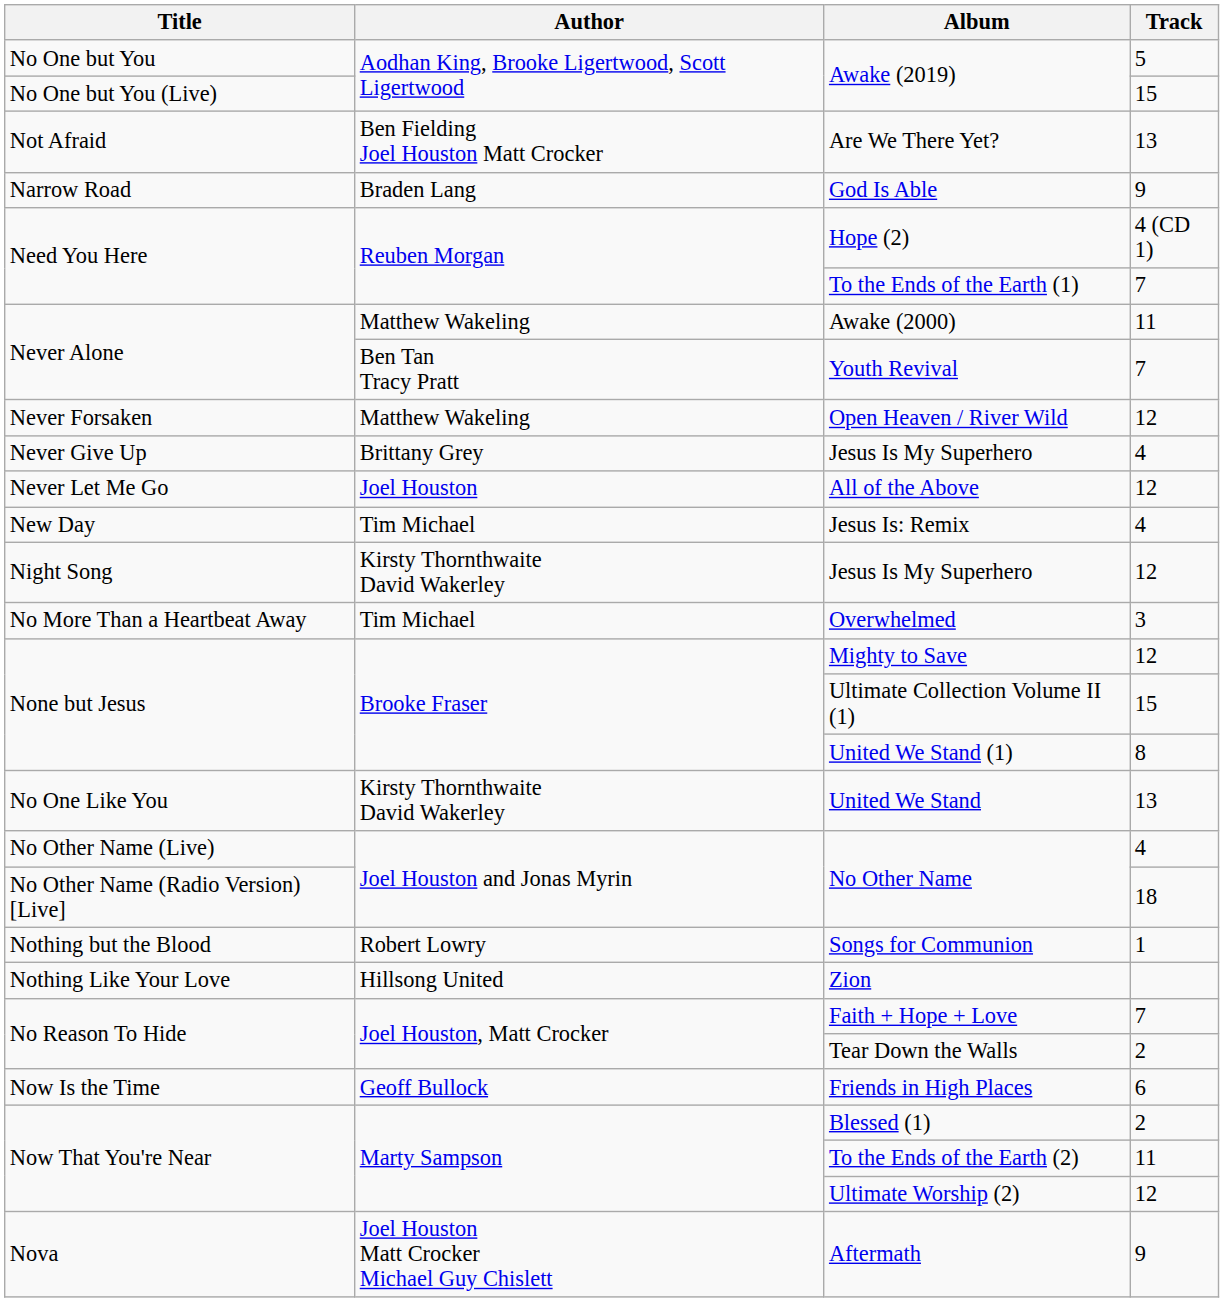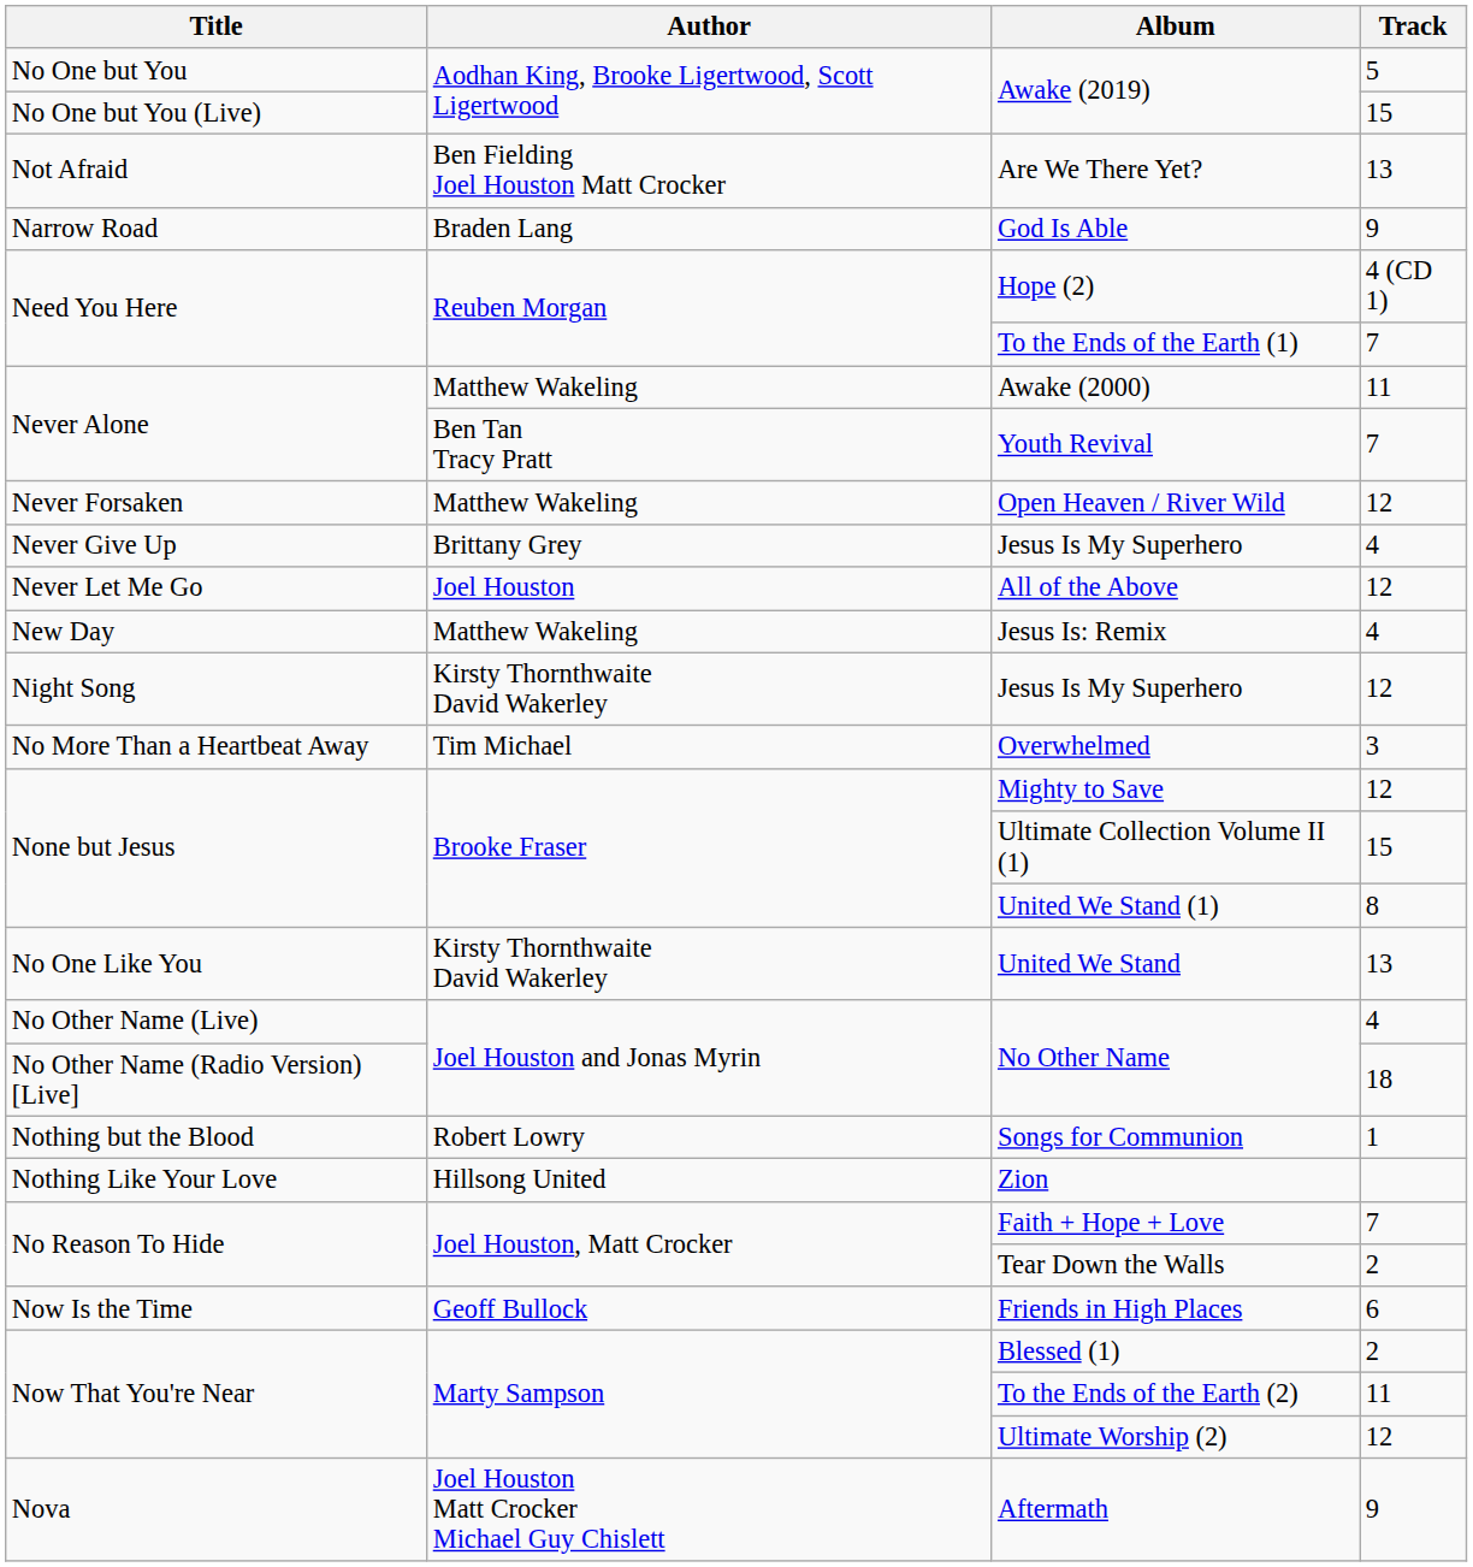 <table class="wikitable">
 <tr>
 <th>Title</th>
 <th>Author</th>
 <th>Album</th>
 <th>Track</th>
 </tr>
 <tr>
 <td>No One but You</td>
 <td rowspan="2"><a href='#'>Aodhan King</a>, <a href='#'>Brooke Ligertwood</a>, <a href='#'>Scott Ligertwood</a></td>
 <td rowspan="2"><a href='#'>Awake</a> (2019)</td>
 <td>5</td>
 </tr>
 <tr>
 <td>No One but You (Live)</td>
 <td>15</td>
 </tr>
 <tr>
 <td>Not Afraid</td>
 <td>Ben Fielding<br><a href='#'>Joel Houston</a> Matt Crocker</td>
 <td>Are We There Yet?</td>
 <td>13</td>
 </tr>
 <tr>
 <td>Narrow Road</td>
 <td>Braden Lang</td>
 <td><a href='#'>God Is Able</a></td>
 <td>9</td>
 </tr>
 <tr>
 <td rowspan="2">Need You Here</td>
 <td rowspan="2"><a href='#'>Reuben Morgan</a></td>
 <td><a href='#'>Hope</a> (2)</td>
 <td>4 (CD 1)</td>
 </tr>
 <tr>
 <td><a href='#'>To the Ends of the Earth</a> (1)</td>
 <td>7</td>
 </tr>
 <tr>
 <td rowspan="2">Never Alone</td>
 <td>Matthew Wakeling</td>
 <td>Awake (2000)</td>
 <td>11</td>
 </tr>
 <tr>
 <td>Ben Tan <br> 	Tracy Pratt</td>
 <td><a href='#'>Youth Revival</a></td>
 <td>7</td>
 </tr>
 <tr>
 <td>Never Forsaken</td>
 <td>Matthew Wakeling</td>
 <td><a href='#'>Open Heaven / River Wild</a></td>
 <td>12</td>
 </tr>
 <tr>
 <td>Never Give Up</td>
 <td>Brittany Grey</td>
 <td>Jesus Is My Superhero</td>
 <td>4</td>
 </tr>
 <tr>
 <td>Never Let Me Go</td>
 <td><a href='#'>Joel Houston</a></td>
 <td><a href='#'>All of the Above</a></td>
 <td>12</td>
 </tr>
 <tr>
 <td>New Day</td>
-<td>Tim Michael</td>
+<td>Matthew Wakeling</td>
 <td>Jesus Is: Remix</td>
 <td>4</td>
 </tr>
 <tr>
 <td>Night Song</td>
 <td>Kirsty Thornthwaite <br> David Wakerley</td>
 <td>Jesus Is My Superhero</td>
 <td>12</td>
 </tr>
 <tr>
 <td>No More Than a Heartbeat Away</td>
 <td>Tim Michael</td>
 <td><a href='#'>Overwhelmed</a></td>
 <td>3</td>
 </tr>
 <tr>
 <td rowspan="3">None but Jesus</td>
 <td rowspan="3"><a href='#'>Brooke Fraser</a></td>
 <td><a href='#'>Mighty to Save</a></td>
 <td>12</td>
 </tr>
 <tr>
 <td>Ultimate Collection Volume II (1)</td>
 <td>15</td>
 </tr>
 <tr>
 <td><a href='#'>United We Stand</a> (1)</td>
 <td>8</td>
 </tr>
 <tr>
 <td>No One Like You</td>
 <td>Kirsty Thornthwaite <br> David Wakerley</td>
 <td><a href='#'>United We Stand</a></td>
 <td>13</td>
 </tr>
 <tr>
 <td>No Other Name (Live)</td>
 <td rowspan="2"><a href='#'>Joel Houston</a> and Jonas Myrin</td>
 <td rowspan="2"><a href='#'>No Other Name</a></td>
 <td>4</td>
 </tr>
 <tr>
 <td>No Other Name (Radio Version) [Live]</td>
 <td>18</td>
 </tr>
 <tr>
 <td>Nothing but the Blood</td>
 <td>Robert Lowry</td>
 <td><a href='#'>Songs for Communion</a></td>
 <td>1</td>
 </tr>
 <tr>
 <td>Nothing Like Your Love</td>
 <td>Hillsong United</td>
 <td><a href='#'>Zion</a></td>
 </tr>
 <tr>
 <td rowspan="2">No Reason To Hide</td>
 <td rowspan="2"><a href='#'>Joel Houston</a>, Matt Crocker</td>
 <td><a href='#'>Faith + Hope + Love</a></td>
 <td>7</td>
 </tr>
 <tr>
 <td>Tear Down the Walls</td>
 <td>2</td>
 </tr>
 <tr>
 <td>Now Is the Time</td>
 <td><a href='#'>Geoff Bullock</a></td>
 <td><a href='#'>Friends in High Places</a></td>
 <td>6</td>
 </tr>
 <tr>
 <td rowspan="3">Now That You're Near</td>
 <td rowspan="3"><a href='#'>Marty Sampson</a></td>
 <td><a href='#'>Blessed</a> (1)</td>
 <td>2</td>
 </tr>
 <tr>
 <td><a href='#'>To the Ends of the Earth</a> (2)</td>
 <td>11</td>
 </tr>
 <tr>
 <td><a href='#'>Ultimate Worship</a> (2)</td>
 <td>12</td>
 </tr>
 <tr>
 <td>Nova</td>
 <td><a href='#'>Joel Houston</a> <br> Matt Crocker <br> <a href='#'>Michael Guy Chislett</a></td>
 <td><a href='#'>Aftermath</a></td>
 <td>9</td>
 </tr>
 </table>
